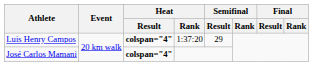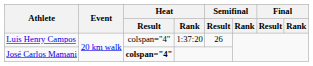 <table class="wikitable" style="font-size:90%">
 <tr>
 <th rowspan="2">Athlete</th>
 <th rowspan="2">Event</th>
 <th colspan="2">Heat</th>
 <th colspan="2">Semifinal</th>
 <th colspan="2">Final</th>
 </tr>
 <tr>
 <th>Result</th>
 <th>Rank</th>
 <th>Result</th>
 <th>Rank</th>
 <th>Result</th>
 <th>Rank</th>
 </tr>
 <tr style=text-align:center>
 <td style=text-align:left><a href='#'>Luis Henry Campos</a></td>
 <td style=text-align:left rowspan="2"><a href='#'>20 km walk</a></td>
-<td><strong>colspan="4" </strong></td>
+<td>colspan="4" </td>
 <td>1:37:20</td>
-<td>29</td>
+<td>26</td>
 </tr>
 <tr style=text-align:center>
 <td style=text-align:left><a href='#'>José Carlos Mamani</a></td>
 <td><strong>colspan="4" </strong></td>
 <td colspan="2"></td>
 </tr>
 </table>
